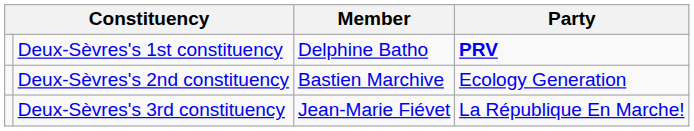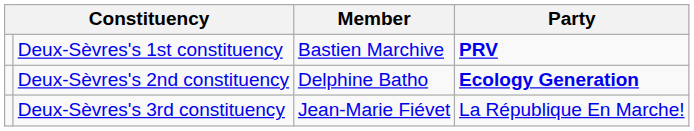 <table class="wikitable">
 <tr>
 <th colspan="2">Constituency</th>
 <th>Member</th>
 <th>Party</th>
 </tr>
 <tr>
 <td style="background-color: "></td>
 <td><a href='#'>Deux-Sèvres's 1st constituency</a></td>
-<td><a href='#'>Delphine Batho</a></td>
+<td><a href='#'>Bastien Marchive</a></td>
 <td><strong><a href='#'>PRV</a></strong></td>
 </tr>
 <tr>
 <td style="background-color: "></td>
 <td><a href='#'>Deux-Sèvres's 2nd constituency</a></td>
-<td><a href='#'>Bastien Marchive</a></td>
-<td><a href='#'>Ecology Generation</a></td>
+<td><a href='#'>Delphine Batho</a></td>
+<td><strong><a href='#'>Ecology Generation</a></strong></td>
 </tr>
 <tr>
 <td style="background-color: "></td>
 <td><a href='#'>Deux-Sèvres's 3rd constituency</a></td>
 <td><a href='#'>Jean-Marie Fiévet</a></td>
 <td><a href='#'>La République En Marche!</a></td>
 </tr>
 </table>
